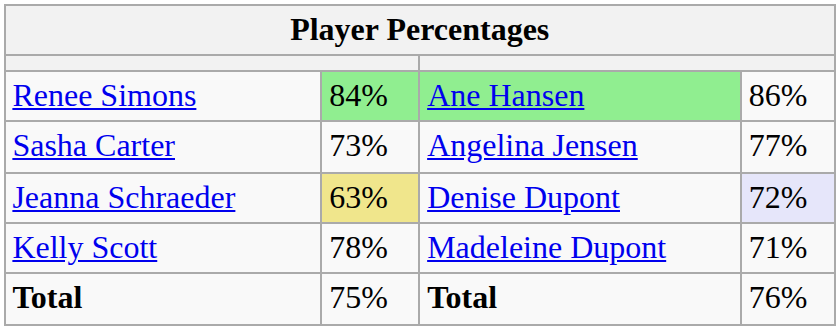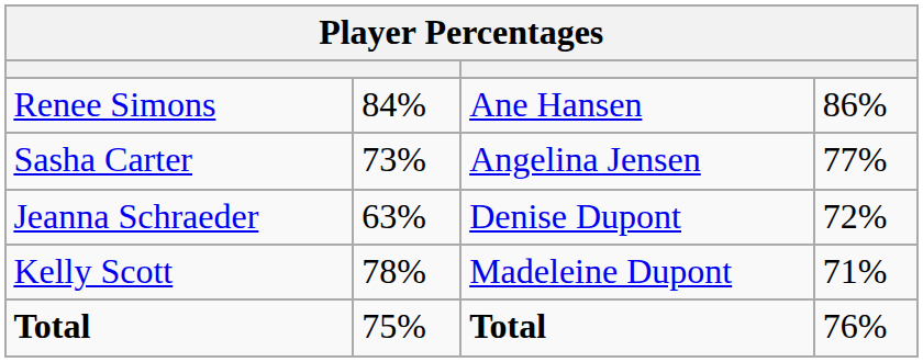 <table class="wikitable">
 <tr>
 <th colspan=4 width=400>Player Percentages</th>
 </tr>
 <tr>
 <th colspan=2 width=200></th>
 <th colspan=2 width=200></th>
 </tr>
 <tr>
 <td><a href='#'>Renee Simons</a></td>
-<td style="background: lightgreen;">84%</td>
-<td style="background: lightgreen;"><a href='#'>Ane Hansen</a></td>
+<td>84%</td>
+<td><a href='#'>Ane Hansen</a></td>
 <td>86%</td>
 </tr>
 <tr>
 <td><a href='#'>Sasha Carter</a></td>
 <td>73%</td>
 <td><a href='#'>Angelina Jensen</a></td>
 <td>77%</td>
 </tr>
 <tr>
 <td><a href='#'>Jeanna Schraeder</a></td>
-<td style="background: khaki;">63%</td>
+<td>63%</td>
 <td><a href='#'>Denise Dupont</a></td>
-<td style="background: lavender;">72%</td>
+<td>72%</td>
 </tr>
 <tr>
 <td><a href='#'>Kelly Scott</a></td>
 <td>78%</td>
 <td><a href='#'>Madeleine Dupont</a></td>
 <td>71%</td>
 </tr>
 <tr>
 <td><strong>Total</strong></td>
 <td>75%</td>
 <td><strong>Total</strong></td>
 <td>76%</td>
 </tr>
 </table>
